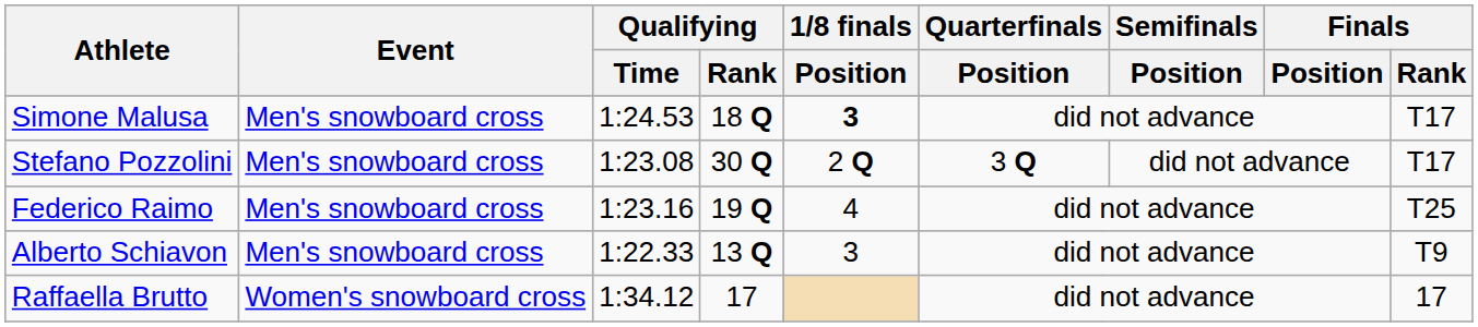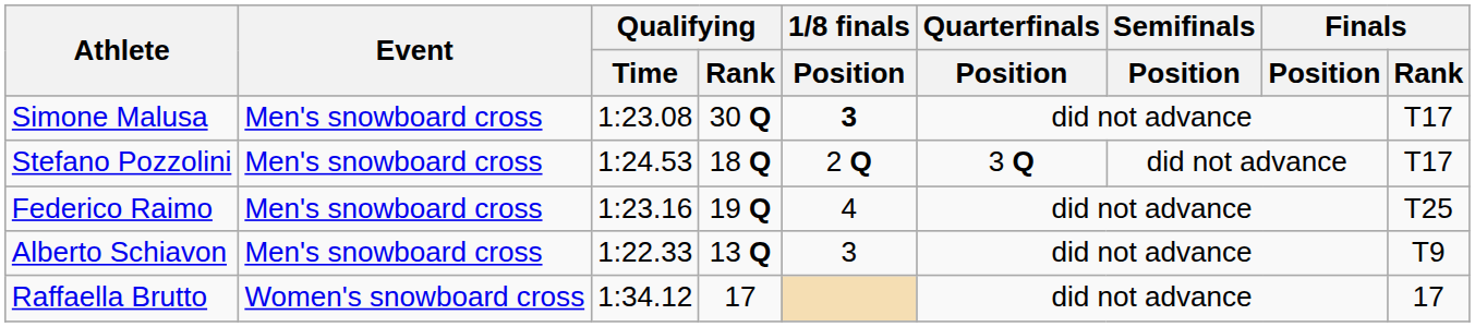 <table class="wikitable">
 <tr>
 <th rowspan="2">Athlete</th>
 <th rowspan="2">Event</th>
 <th colspan="2">Qualifying</th>
 <th>1/8 finals</th>
 <th>Quarterfinals</th>
 <th>Semifinals</th>
 <th colspan=2>Finals</th>
 </tr>
 <tr>
 <th>Time</th>
 <th>Rank</th>
 <th>Position</th>
 <th>Position</th>
 <th>Position</th>
 <th>Position</th>
 <th>Rank</th>
 </tr>
 <tr>
 <td><a href='#'>Simone Malusa</a></td>
 <td><a href='#'>Men's snowboard cross</a></td>
-<td align="center">1:24.53</td>
-<td align="center">18 <strong>Q</strong></td>
+<td align="center">1:23.08</td>
+<td align="center">30 <strong>Q</strong></td>
 <td align="center"><strong>3</strong></td>
 <td colspan=3 align="center">did not advance</td>
 <td align="center">T17</td>
 </tr>
 <tr>
 <td><a href='#'>Stefano Pozzolini</a></td>
 <td><a href='#'>Men's snowboard cross</a></td>
-<td align="center">1:23.08</td>
-<td align="center">30 <strong>Q</strong></td>
+<td align="center">1:24.53</td>
+<td align="center">18 <strong>Q</strong></td>
 <td align="center">2 <strong>Q</strong></td>
 <td align="center">3 <strong>Q</strong></td>
 <td colspan=2 align="center">did not advance</td>
 <td align="center">T17</td>
 </tr>
 <tr>
 <td><a href='#'>Federico Raimo</a></td>
 <td><a href='#'>Men's snowboard cross</a></td>
 <td align="center">1:23.16</td>
 <td align="center">19 <strong>Q</strong></td>
 <td align="center">4</td>
 <td colspan=3 align="center">did not advance</td>
 <td align="center">T25</td>
 </tr>
 <tr>
 <td><a href='#'>Alberto Schiavon</a></td>
 <td><a href='#'>Men's snowboard cross</a></td>
 <td align="center">1:22.33</td>
 <td align="center">13 <strong>Q</strong></td>
 <td align="center">3</td>
 <td colspan=3 align="center">did not advance</td>
 <td align="center">T9</td>
 </tr>
 <tr>
 <td><a href='#'>Raffaella Brutto</a></td>
 <td><a href='#'>Women's snowboard cross</a></td>
 <td align="center">1:34.12</td>
 <td align="center">17</td>
 <td align="center" bgcolor="wheat"></td>
 <td colspan=3 align="center">did not advance</td>
 <td align="center">17</td>
 </tr>
 </table>
